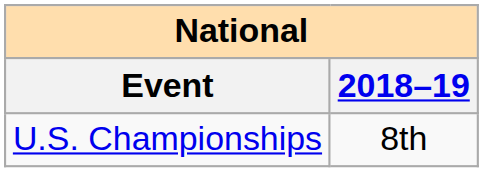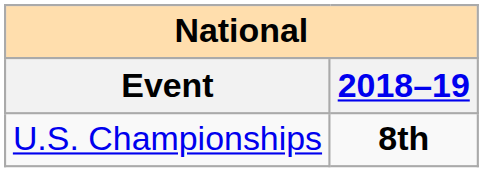 <table class="wikitable" style="text-align:center">
 <tr>
 <th style="background-color: #ffdead; " colspan=2 align=center>National</th>
 </tr>
 <tr>
 <th>Event</th>
 <th><a href='#'>2018–19</a></th>
 </tr>
 <tr>
 <td><a href='#'>U.S. Championships</a></td>
-<td>8th</td>
+<td><strong>8th</strong></td>
 </tr>
 </table>
